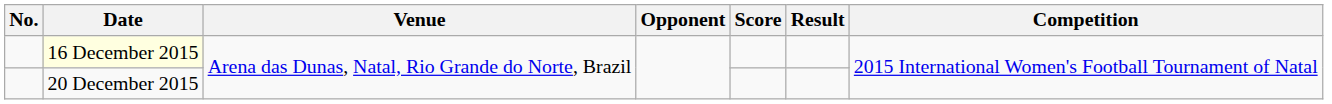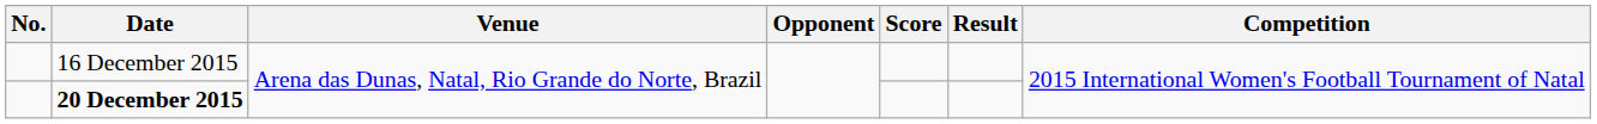 <table class="wikitable">
 <tr>
 <th>No.</th>
 <th>Date</th>
 <th>Venue</th>
 <th>Opponent</th>
 <th>Score</th>
 <th>Result</th>
 <th>Competition</th>
 </tr>
 <tr>
 <td></td>
-<td style="background: lightyellow;">16 December 2015</td>
+<td>16 December 2015</td>
 <td rowspan=2><a href='#'>Arena das Dunas</a>, <a href='#'>Natal, Rio Grande do Norte</a>, Brazil</td>
 <td rowspan=2></td>
 <td></td>
 <td></td>
 <td rowspan=2><a href='#'>2015 International Women's Football Tournament of Natal</a></td>
 </tr>
 <tr>
 <td></td>
-<td>20 December 2015</td>
+<td><strong>20 December 2015</strong></td>
 <td></td>
 <td></td>
 </tr>
 </table>
